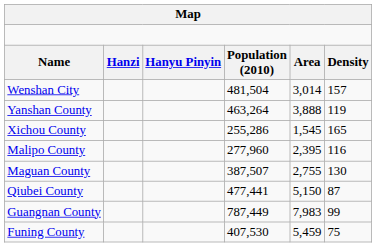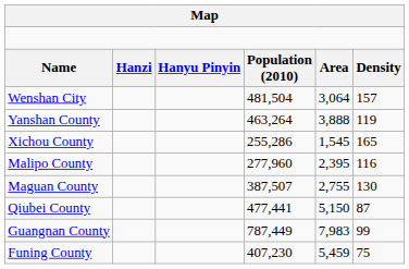 <table class="wikitable">
 <tr>
 <th colspan="6">Map</th>
 </tr>
 <tr>
 <td colspan="6"><div><br>           </div></td>
 </tr>
 <tr>
 <th>Name</th>
 <th><a href='#'>Hanzi</a></th>
 <th><a href='#'>Hanyu Pinyin</a></th>
 <th>Population<br>(2010)</th>
 <th>Area </th>
 <th>Density</th>
 </tr>
 <tr --------->
 <td><a href='#'>Wenshan City</a></td>
 <td></td>
 <td></td>
 <td>481,504</td>
-<td>3,014</td>
+<td>3,064</td>
 <td>157</td>
 </tr>
 <tr --------->
 <td><a href='#'>Yanshan County</a></td>
 <td></td>
 <td></td>
 <td>463,264</td>
 <td>3,888</td>
 <td>119</td>
 </tr>
 <tr --------->
 <td><a href='#'>Xichou County</a></td>
 <td></td>
 <td></td>
 <td>255,286</td>
 <td>1,545</td>
 <td>165</td>
 </tr>
 <tr --------->
 <td><a href='#'>Malipo County</a></td>
 <td></td>
 <td></td>
 <td>277,960</td>
 <td>2,395</td>
 <td>116</td>
 </tr>
 <tr --------->
 <td><a href='#'>Maguan County</a></td>
 <td></td>
 <td></td>
 <td>387,507</td>
 <td>2,755</td>
 <td>130</td>
 </tr>
 <tr --------->
 <td><a href='#'>Qiubei County</a></td>
 <td></td>
 <td></td>
 <td>477,441</td>
 <td>5,150</td>
 <td>87</td>
 </tr>
 <tr --------->
 <td><a href='#'>Guangnan County</a></td>
 <td></td>
 <td></td>
 <td>787,449</td>
 <td>7,983</td>
 <td>99</td>
 </tr>
 <tr --------->
 <td><a href='#'>Funing County</a></td>
 <td></td>
 <td></td>
-<td>407,530</td>
+<td>407,230</td>
 <td>5,459</td>
 <td>75</td>
 </tr>
 </table>
